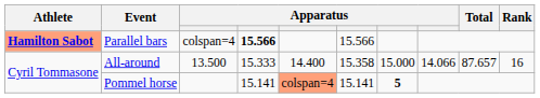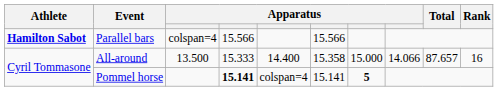 <table class="wikitable" style="font-size:90%">
 <tr>
 <th rowspan=2>Athlete</th>
 <th rowspan=2>Event</th>
 <th colspan =6>Apparatus</th>
 <th rowspan=2>Total</th>
 <th rowspan=2>Rank</th>
 </tr>
 <tr style="font-size:95%">
 <th></th>
 <th></th>
 <th></th>
 <th></th>
 <th></th>
 <th></th>
 </tr>
 <tr align=center>
-<td align=left style="background: lightsalmon;"><strong><a href='#'>Hamilton Sabot</a></strong></td>
+<td align=left><strong><a href='#'>Hamilton Sabot</a></strong></td>
 <td align=left><a href='#'>Parallel bars</a></td>
 <td>colspan=4 </td>
-<td><strong>15.566</strong></td>
+<td>15.566</td>
 <td></td>
 <td>15.566</td>
 <td></td>
 </tr>
 <tr align=center>
 <td align=left rowspan=2><a href='#'>Cyril Tommasone</a></td>
 <td align=left><a href='#'>All-around</a></td>
 <td>13.500</td>
 <td>15.333</td>
 <td>14.400</td>
 <td>15.358</td>
 <td>15.000</td>
 <td>14.066</td>
 <td>87.657</td>
 <td>16</td>
 </tr>
 <tr align=center>
 <td align=left><a href='#'>Pommel horse</a></td>
 <td></td>
-<td>15.141</td>
-<td style="background: lightsalmon;">colspan=4 </td>
+<td><strong>15.141</strong></td>
+<td>colspan=4 </td>
 <td>15.141</td>
 <td><strong>5</strong></td>
 </tr>
 </table>
